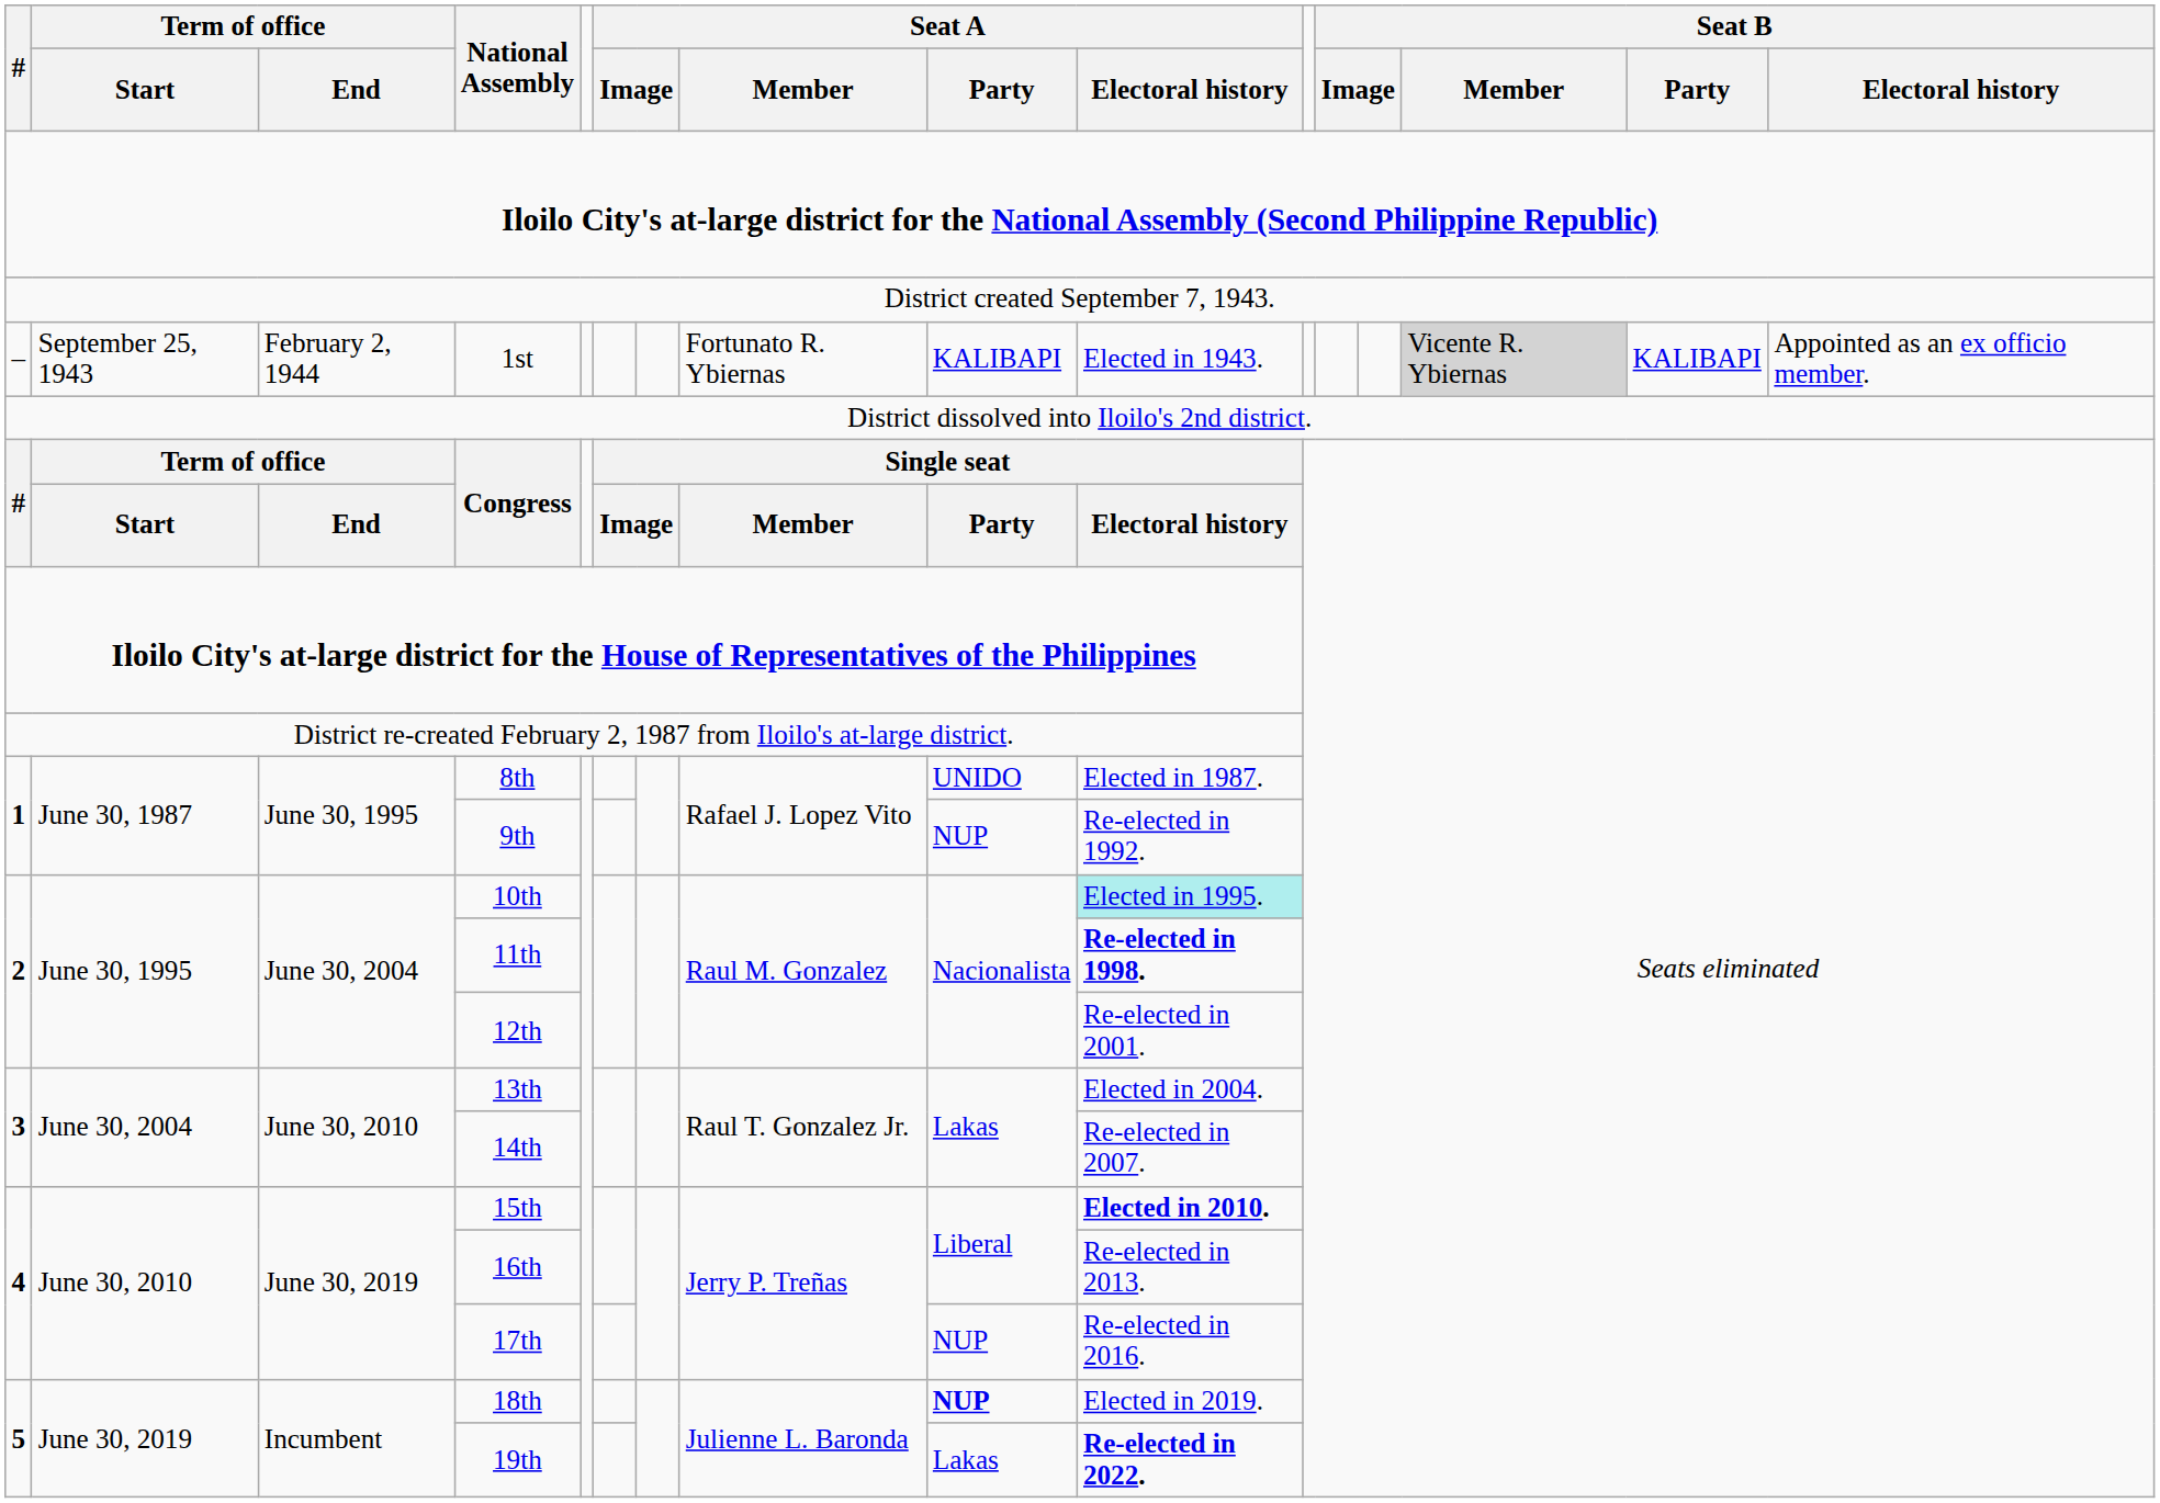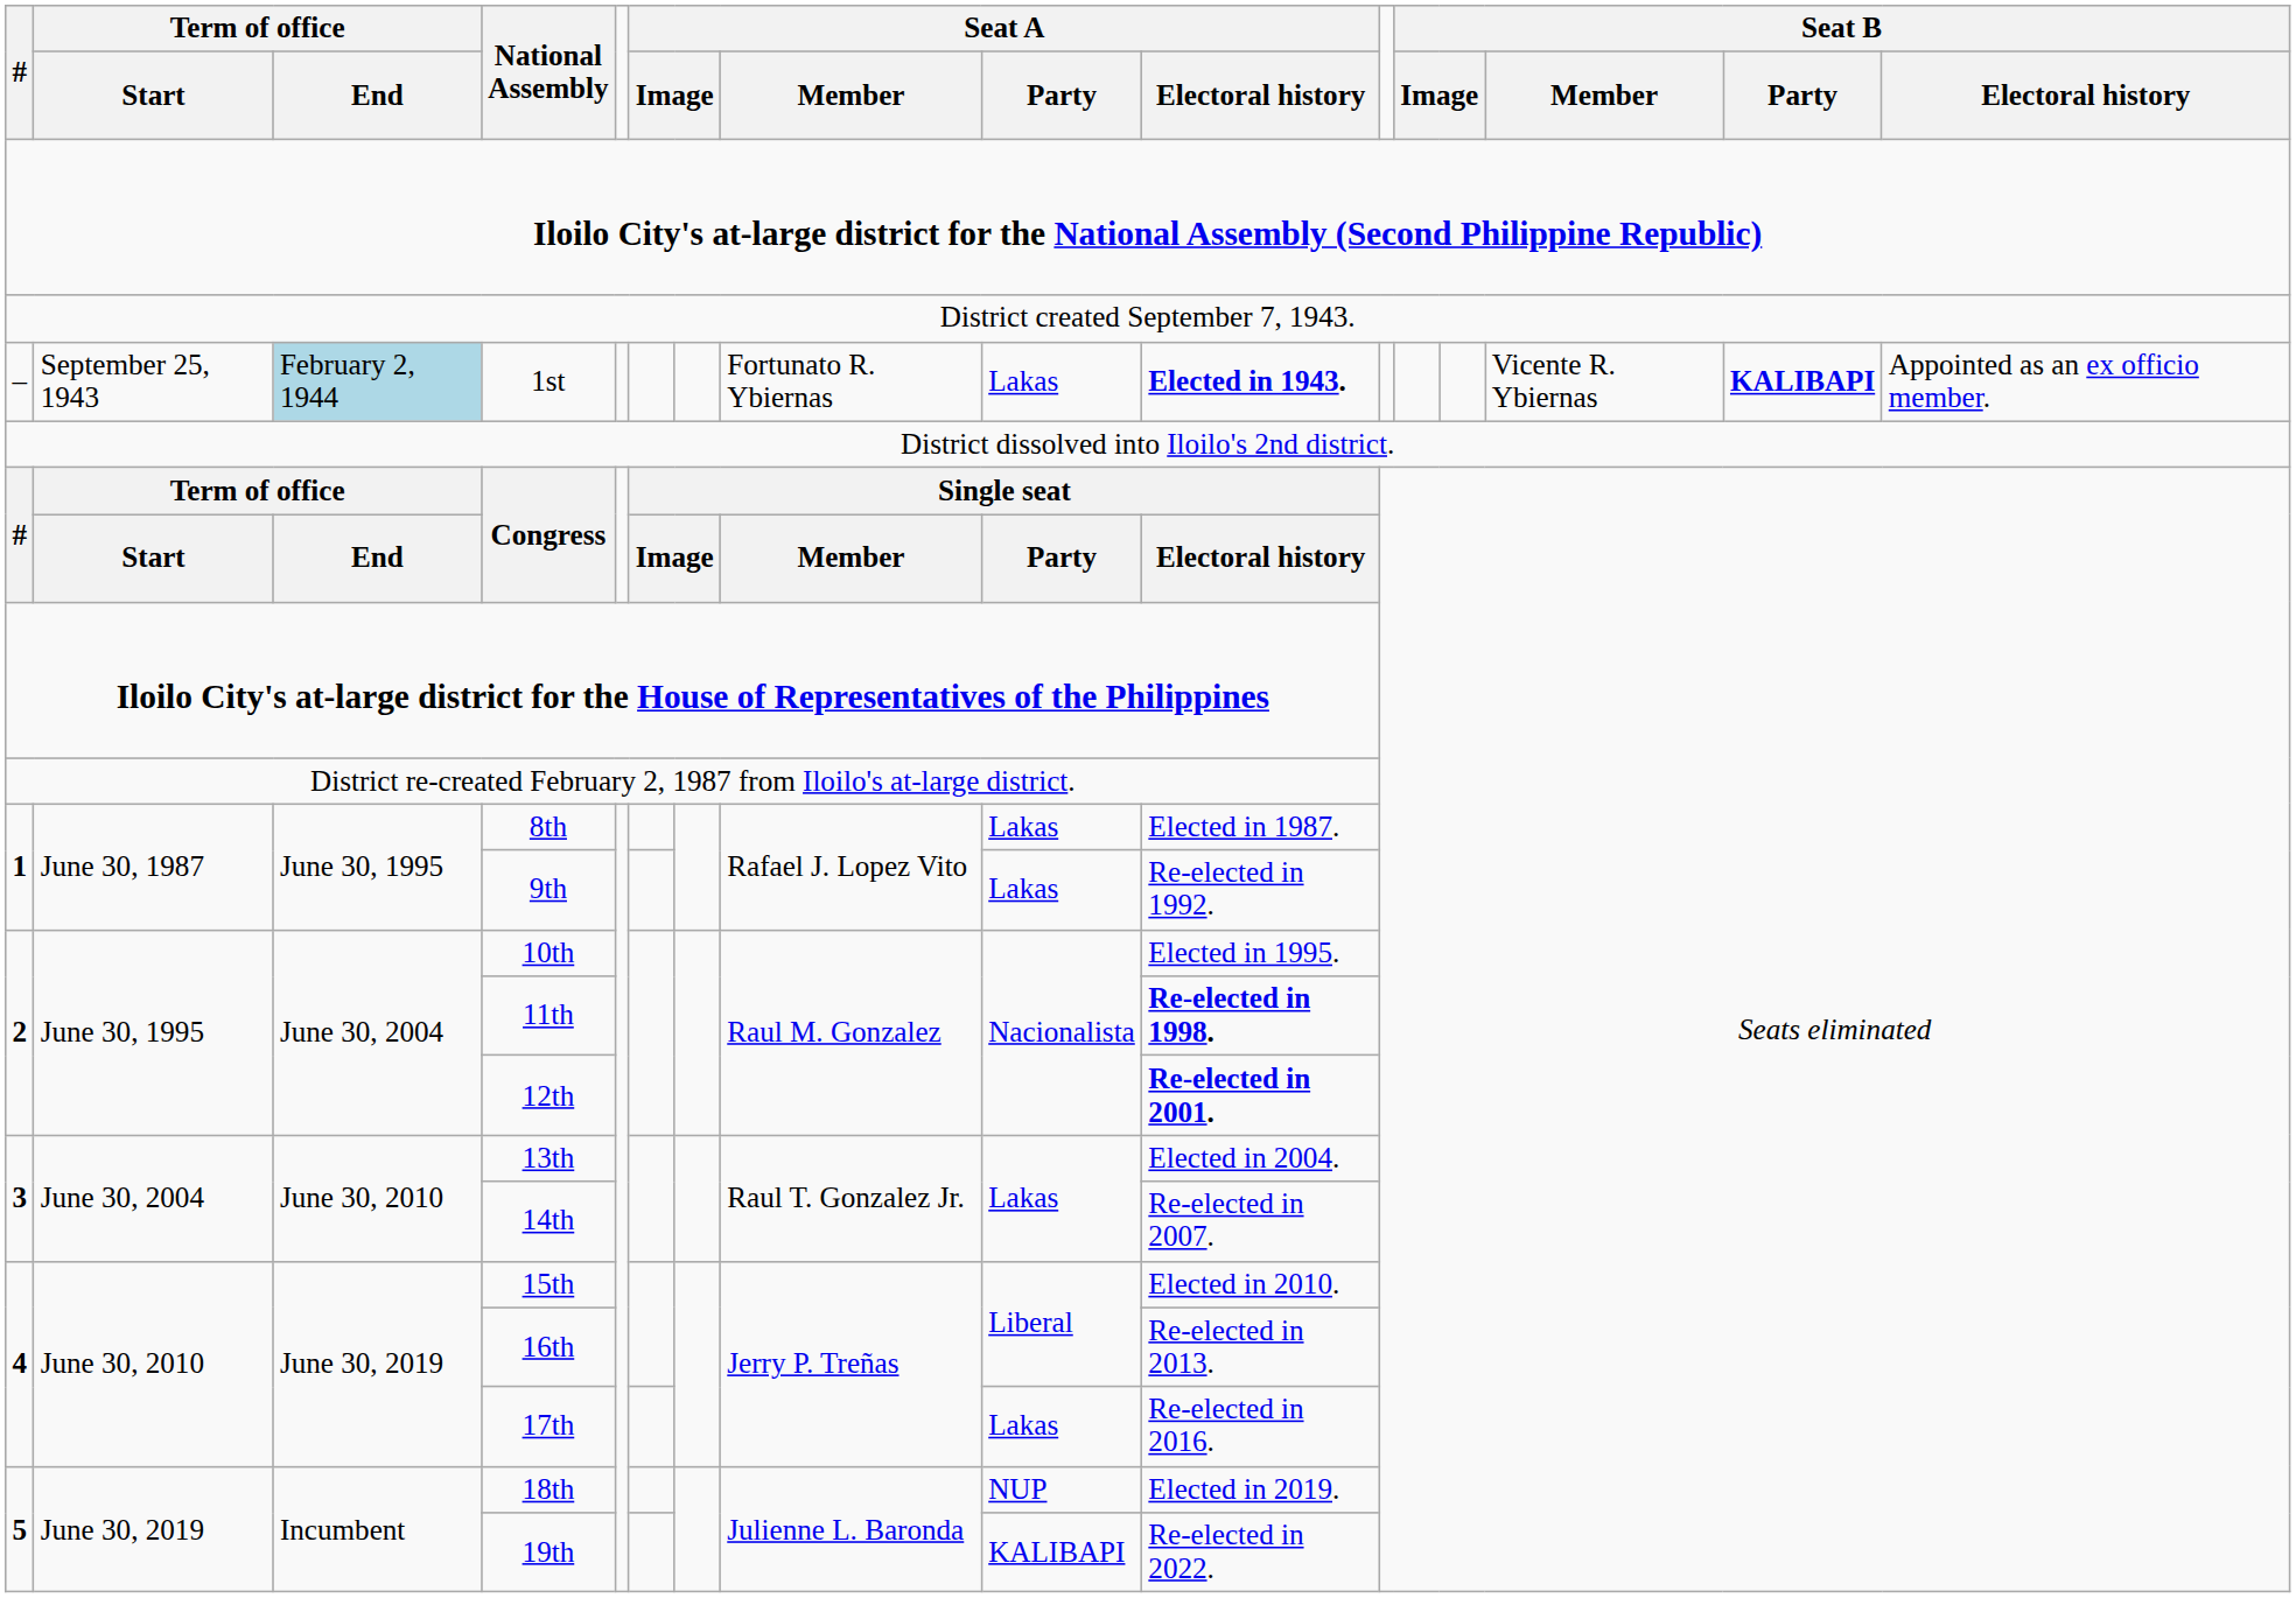 <table class=wikitable>
 <tr>
 <th rowspan=2>#</th>
 <th colspan=2>Term of office</th>
 <th rowspan=2>National<br>Assembly</th>
 <td rowspan=2></td>
 <th colspan=5>Seat A</th>
 <td rowspan=2></td>
 <th colspan=5>Seat B</th>
 </tr>
 <tr style="height:3em">
 <th>Start</th>
 <th>End</th>
 <th colspan="2" style="text-align:center;">Image</th>
 <th>Member</th>
 <th>Party</th>
 <th>Electoral history</th>
 <th colspan="2" style="text-align:center;">Image</th>
 <th>Member</th>
 <th>Party</th>
 <th>Electoral history</th>
 </tr>
 <tr>
 <td colspan="16" style="text-align:center;"><br><h3>Iloilo City's at-large district for the <a href='#'>National Assembly (Second Philippine Republic)</a></h3></td>
 </tr>
 <tr>
 <td colspan="16" style="text-align:center;">District created September 7, 1943.</td>
 </tr>
 <tr>
 <td style="text-align:center;">–</td>
 <td>September 25, 1943</td>
-<td>February 2, 1944</td>
+<td style="background: lightblue;">February 2, 1944</td>
 <td style="text-align:center;">1st</td>
 <td></td>
 <td style="color:inherit;background:"></td>
 <td></td>
 <td>Fortunato R. Ybiernas</td>
-<td><a href='#'>KALIBAPI</a></td>
-<td><a href='#'>Elected in 1943</a>.</td>
+<td><a href='#'>Lakas</a></td>
+<td><strong><a href='#'>Elected in 1943</a>.</strong></td>
 <td></td>
 <td style="color:inherit;background:"></td>
 <td></td>
-<td style="background: lightgrey;">Vicente R. Ybiernas</td>
-<td><a href='#'>KALIBAPI</a></td>
+<td>Vicente R. Ybiernas</td>
+<td><strong><a href='#'>KALIBAPI</a></strong></td>
 <td>Appointed as an <a href='#'>ex officio member</a>.</td>
 </tr>
 <tr>
 <td colspan="16" style="text-align:center;">District dissolved into <a href='#'>Iloilo's 2nd district</a>.</td>
 </tr>
 <tr>
 <th rowspan=2>#</th>
 <th colspan=2>Term of office</th>
 <th rowspan=2>Congress</th>
 <td rowspan=2></td>
 <th colspan=5>Single seat</th>
 <td rowspan=99 colspan=6 style="text-align:center;"><em>Seats eliminated</em></td>
 </tr>
 <tr style="height:3em">
 <th>Start</th>
 <th>End</th>
 <th colspan="2" style="text-align:center;">Image</th>
 <th>Member</th>
 <th>Party</th>
 <th>Electoral history</th>
 </tr>
 <tr>
 <td colspan="10" style="text-align:center;"><br><h3>Iloilo City's at-large district for the <a href='#'>House of Representatives of the Philippines</a></h3></td>
 </tr>
 <tr>
 <td colspan="10" style="text-align:center;">District re-created February 2, 1987 from <a href='#'>Iloilo's at-large district</a>.</td>
 </tr>
 <tr>
 <td rowspan="2" style="text-align:center;"><strong>1</strong></td>
 <td rowspan="2">June 30, 1987</td>
 <td rowspan="2">June 30, 1995</td>
 <td style="text-align:center;"><a href='#'>8th</a></td>
 <td rowspan="99"></td>
 <td style="color:inherit;background:"></td>
 <td rowspan="2"></td>
 <td rowspan="2">Rafael J. Lopez Vito</td>
-<td><a href='#'>UNIDO</a></td>
+<td><a href='#'>Lakas</a></td>
 <td><a href='#'>Elected in 1987</a>.</td>
 </tr>
 <tr>
 <td style="text-align:center;"><a href='#'>9th</a></td>
 <td style="color:inherit;background:"></td>
-<td><a href='#'>NUP</a></td>
+<td><a href='#'>Lakas</a></td>
 <td><a href='#'>Re-elected in 1992</a>.</td>
 </tr>
 <tr>
 <td rowspan="3" style="text-align:center;"><strong>2</strong></td>
 <td rowspan="3">June 30, 1995</td>
 <td rowspan="3">June 30, 2004</td>
 <td style="text-align:center;"><a href='#'>10th</a></td>
 <td rowspan="3" style="color:inherit;background:"></td>
 <td rowspan="3"></td>
 <td rowspan="3"><a href='#'>Raul M. Gonzalez</a></td>
 <td rowspan="3"><a href='#'>Nacionalista</a></td>
-<td style="background: paleturquoise;"><a href='#'>Elected in 1995</a>.</td>
+<td><a href='#'>Elected in 1995</a>.</td>
 </tr>
 <tr>
 <td style="text-align:center;"><a href='#'>11th</a></td>
 <td><strong><a href='#'>Re-elected in 1998</a>.</strong></td>
 </tr>
 <tr>
 <td style="text-align:center;"><a href='#'>12th</a></td>
-<td><a href='#'>Re-elected in 2001</a>.</td>
+<td><strong><a href='#'>Re-elected in 2001</a>.</strong></td>
 </tr>
 <tr>
 <td rowspan="2" style="text-align:center;"><strong>3</strong></td>
 <td rowspan="2">June 30, 2004</td>
 <td rowspan="2">June 30, 2010</td>
 <td style="text-align:center;"><a href='#'>13th</a></td>
 <td rowspan="2" style="color:inherit;background:"></td>
 <td rowspan="2"></td>
 <td rowspan="2">Raul T. Gonzalez Jr.</td>
 <td rowspan="2"><a href='#'>Lakas</a></td>
 <td><a href='#'>Elected in 2004</a>.</td>
 </tr>
 <tr>
 <td style="text-align:center;"><a href='#'>14th</a></td>
 <td><a href='#'>Re-elected in 2007</a>.</td>
 </tr>
 <tr>
 <td rowspan="3" style="text-align:center;"><strong>4</strong></td>
 <td rowspan="3">June 30, 2010</td>
 <td rowspan="3">June 30, 2019</td>
 <td style="text-align:center;"><a href='#'>15th</a></td>
 <td rowspan="2" style="color:inherit;background:"></td>
 <td rowspan="3"></td>
 <td rowspan="3"><a href='#'>Jerry P. Treñas</a></td>
 <td rowspan="2"><a href='#'>Liberal</a></td>
-<td><strong><a href='#'>Elected in 2010</a>.</strong></td>
+<td><a href='#'>Elected in 2010</a>.</td>
 </tr>
 <tr>
 <td style="text-align:center;"><a href='#'>16th</a></td>
 <td><a href='#'>Re-elected in 2013</a>.</td>
 </tr>
 <tr>
 <td style="text-align:center;"><a href='#'>17th</a></td>
 <td style="color:inherit;background:"></td>
-<td><a href='#'>NUP</a></td>
+<td><a href='#'>Lakas</a></td>
 <td><a href='#'>Re-elected in 2016</a>.</td>
 </tr>
 <tr>
 <td rowspan="2" style="text-align:center;"><strong>5</strong></td>
 <td rowspan="2">June 30, 2019</td>
 <td rowspan="2">Incumbent</td>
 <td style="text-align:center;"><a href='#'>18th</a></td>
 <td style="color:inherit;background:"></td>
 <td rowspan="2"></td>
 <td rowspan="2"><a href='#'>Julienne L. Baronda</a></td>
-<td><strong><a href='#'>NUP</a></strong></td>
+<td><a href='#'>NUP</a></td>
 <td><a href='#'>Elected in 2019</a>.</td>
 </tr>
 <tr>
 <td style="text-align:center;"><a href='#'>19th</a></td>
 <td style="color:inherit;background:"></td>
-<td><a href='#'>Lakas</a></td>
-<td><strong><a href='#'>Re-elected in 2022</a>.</strong></td>
+<td><a href='#'>KALIBAPI</a></td>
+<td><a href='#'>Re-elected in 2022</a>.</td>
 </tr>
 </table>
